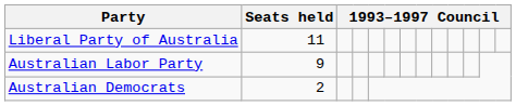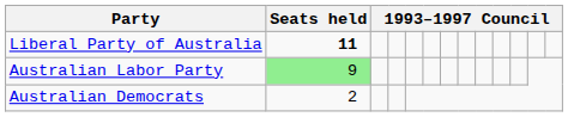 <table class="wikitable">
 <tr>
 <th rowspan=1>Party</th>
 <th colspan=1>Seats held</th>
 <th rowspan=1 colspan=11>1993–1997 Council</th>
 </tr>
 <tr>
 <td><a href='#'>Liberal Party of Australia</a></td>
-<td align=right>11 </td>
+<td align=right><strong>11 </strong></td>
 <td> </td>
 <td> </td>
 <td> </td>
 <td> </td>
 <td> </td>
 <td> </td>
 <td> </td>
 <td> </td>
 <td> </td>
 <td> </td>
 <td> </td>
 </tr>
 <tr>
 <td><a href='#'>Australian Labor Party</a></td>
-<td align=right>9 </td>
+<td align=right style="background: lightgreen;">9 </td>
 <td> </td>
 <td> </td>
 <td> </td>
 <td> </td>
 <td> </td>
 <td> </td>
 <td> </td>
 <td> </td>
 <td> </td>
 </tr>
 <tr>
 <td><a href='#'>Australian Democrats</a></td>
 <td align=right>2 </td>
 <td> </td>
 <td> </td>
 </tr>
 </table>
